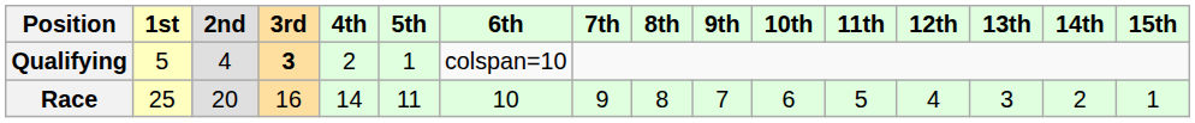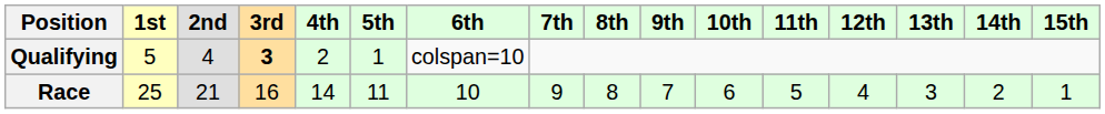 <table class="wikitable" style="font-size:85%; text-align:center">
 <tr>
 <th>Position</th>
 <td style="background:#ffffbf;"> <strong>1st</strong> </td>
 <td style="background:#dfdfdf;"> <strong>2nd</strong> </td>
 <td style="background:#ffdf9f;"> <strong>3rd</strong> </td>
 <td style="background:#dfffdf;"> <strong>4th</strong> </td>
 <td style="background:#dfffdf;"> <strong>5th</strong> </td>
 <td style="background:#dfffdf;"> <strong>6th</strong> </td>
 <td style="background:#dfffdf;"> <strong>7th</strong> </td>
 <td style="background:#dfffdf;"> <strong>8th</strong> </td>
 <td style="background:#dfffdf;"> <strong>9th</strong> </td>
 <td style="background:#dfffdf;"> <strong>10th</strong> </td>
 <td style="background:#dfffdf;"> <strong>11th</strong> </td>
 <td style="background:#dfffdf;"> <strong>12th</strong> </td>
 <td style="background:#dfffdf;"> <strong>13th</strong> </td>
 <td style="background:#dfffdf;"> <strong>14th</strong> </td>
 <td style="background:#dfffdf;"> <strong>15th</strong> </td>
 </tr>
 <tr>
 <th>Qualifying</th>
 <td style="background:#ffffbf;">5</td>
 <td style="background:#dfdfdf;">4</td>
 <td style="background:#ffdf9f;"><strong>3</strong></td>
 <td style="background:#dfffdf;">2</td>
 <td style="background:#dfffdf;">1</td>
 <td>colspan=10 </td>
 </tr>
 <tr>
 <th>Race</th>
 <td style="background:#ffffbf;">25</td>
-<td style="background:#dfdfdf;">20</td>
+<td style="background:#dfdfdf;">21</td>
 <td style="background:#ffdf9f;">16</td>
 <td style="background:#dfffdf;">14</td>
 <td style="background:#dfffdf;">11</td>
 <td style="background:#dfffdf;">10</td>
 <td style="background:#dfffdf;">9</td>
 <td style="background:#dfffdf;">8</td>
 <td style="background:#dfffdf;">7</td>
 <td style="background:#dfffdf;">6</td>
 <td style="background:#dfffdf;">5</td>
 <td style="background:#dfffdf;">4</td>
 <td style="background:#dfffdf;">3</td>
 <td style="background:#dfffdf;">2</td>
 <td style="background:#dfffdf;">1</td>
 </tr>
 </table>
